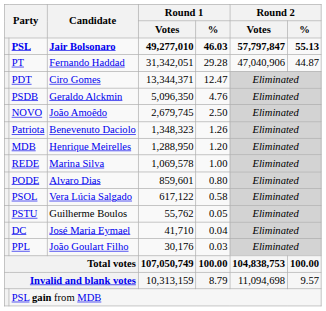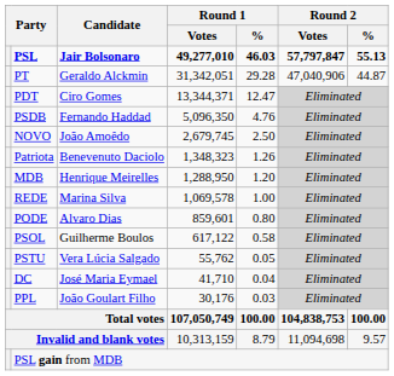 <table class="wikitable sortable" style="text-align:right">
 <tr>
 <th colspan=2 rowspan=2>Party</th>
 <th rowspan=2>Candidate</th>
 <th colspan=2>Round 1</th>
 <th colspan=2>Round 2</th>
 </tr>
 <tr>
 <th>Votes</th>
 <th>%</th>
 <th>Votes</th>
 <th>%</th>
 </tr>
 <tr>
 <th style="background-color:"></th>
 <td style="text-align:left"><strong><a href='#'>PSL</a></strong></td>
 <td style="text-align:left"><strong><a href='#'>Jair Bolsonaro</a></strong></td>
 <td><strong>49,277,010</strong></td>
 <td><strong>46.03</strong></td>
 <td><strong>57,797,847</strong></td>
 <td><strong>55.13</strong></td>
 </tr>
 <tr>
 <th style="background-color:"></th>
 <td style="text-align:left"><a href='#'>PT</a></td>
-<td style="text-align:left"><a href='#'>Fernando Haddad</a></td>
+<td style="text-align:left"><a href='#'>Geraldo Alckmin</a></td>
 <td>31,342,051</td>
 <td>29.28</td>
 <td>47,040,906</td>
 <td>44.87</td>
 </tr>
 <tr>
 <th style="background-color:"></th>
 <td style="text-align:left"><a href='#'>PDT</a></td>
 <td style="text-align:left"><a href='#'>Ciro Gomes</a></td>
 <td>13,344,371</td>
 <td>12.47</td>
 <td colspan="2"  style="background:lightgrey; text-align:center;"><em>Eliminated</em></td>
 </tr>
 <tr>
 <th style="background-color:"></th>
 <td style="text-align:left"><a href='#'>PSDB</a></td>
-<td style="text-align:left"><a href='#'>Geraldo Alckmin</a></td>
+<td style="text-align:left"><a href='#'>Fernando Haddad</a></td>
 <td>5,096,350</td>
 <td>4.76</td>
 <td colspan="2"  style="background:lightgrey; text-align:center;"><em>Eliminated</em></td>
 </tr>
 <tr>
 <th style="background-color:"></th>
 <td style="text-align:left"><a href='#'>NOVO</a></td>
 <td style="text-align:left"><a href='#'>João Amoêdo</a></td>
 <td>2,679,745</td>
 <td>2.50</td>
 <td colspan="2"  style="background:lightgrey; text-align:center;"><em>Eliminated</em></td>
 </tr>
 <tr>
 <th style="background-color:"></th>
 <td style="text-align:left"><a href='#'>Patriota</a></td>
 <td style="text-align:left"><a href='#'>Benevenuto Daciolo</a></td>
 <td>1,348,323</td>
 <td>1.26</td>
 <td colspan="2"  style="background:lightgrey; text-align:center;"><em>Eliminated</em></td>
 </tr>
 <tr>
 <th style="background-color:"></th>
 <td style="text-align:left"><a href='#'>MDB</a></td>
 <td style="text-align:left"><a href='#'>Henrique Meirelles</a></td>
 <td>1,288,950</td>
 <td>1.20</td>
 <td colspan="2"  style="background:lightgrey; text-align:center;"><em>Eliminated</em></td>
 </tr>
 <tr>
 <th style="background-color:"></th>
 <td style="text-align:left"><a href='#'>REDE</a></td>
 <td style="text-align:left"><a href='#'>Marina Silva</a></td>
 <td>1,069,578</td>
 <td>1.00</td>
 <td colspan="2"  style="background:lightgrey; text-align:center;"><em>Eliminated</em></td>
 </tr>
 <tr>
 <th style="background-color:"></th>
 <td style="text-align:left"><a href='#'>PODE</a></td>
 <td style="text-align:left"><a href='#'>Alvaro Dias</a></td>
 <td>859,601</td>
 <td>0.80</td>
 <td colspan="2"  style="background:lightgrey; text-align:center;"><em>Eliminated</em></td>
 </tr>
 <tr>
 <th style="background-color:"></th>
 <td style="text-align:left"><a href='#'>PSOL</a></td>
-<td style="text-align:left"><a href='#'>Vera Lúcia Salgado</a></td>
+<td style="text-align:left">Guilherme Boulos</td>
 <td>617,122</td>
 <td>0.58</td>
 <td colspan="2"  style="background:lightgrey; text-align:center;"><em>Eliminated</em></td>
 </tr>
 <tr>
 <th style="background-color:"></th>
 <td style="text-align:left"><a href='#'>PSTU</a></td>
-<td style="text-align:left">Guilherme Boulos</td>
+<td style="text-align:left"><a href='#'>Vera Lúcia Salgado</a></td>
 <td>55,762</td>
 <td>0.05</td>
 <td colspan="2"  style="background:lightgrey; text-align:center;"><em>Eliminated</em></td>
 </tr>
 <tr>
 <th style="background-color:"></th>
 <td style="text-align:left"><a href='#'>DC</a></td>
 <td style="text-align:left"><a href='#'>José Maria Eymael</a></td>
 <td>41,710</td>
 <td>0.04</td>
 <td colspan="2"  style="background:lightgrey; text-align:center;"><em>Eliminated</em></td>
 </tr>
 <tr>
 <th style="background-color:"></th>
 <td style="text-align:left"><a href='#'>PPL</a></td>
 <td style="text-align:left"><a href='#'>João Goulart Filho</a></td>
 <td>30,176</td>
 <td>0.03</td>
 <td colspan="2"  style="background:lightgrey; text-align:center;"><em>Eliminated</em></td>
 </tr>
 <tr class="sortbottom" style="background:#f6f6f6;">
 <th colspan=3 scope="row" style="text-align:right;">Total votes</th>
 <td><strong>107,050,749</strong></td>
 <td><strong>100.00</strong></td>
 <td><strong>104,838,753</strong></td>
 <td><strong>100.00</strong></td>
 </tr>
 <tr class="sortbottom" style="background:#f6f6f6;">
 <th colspan=3 scope="row" style="text-align:right;"><a href='#'>Invalid and blank votes</a></th>
 <td>10,313,159</td>
 <td>8.79</td>
 <td>11,094,698</td>
 <td>9.57</td>
 </tr>
 <tr class="sortbottom" style="background:#f6f6f6;">
 <th style="background-color:"></th>
 <td style="text-align:left" colspan=6><a href='#'>PSL</a> <strong>gain</strong> from <a href='#'>MDB</a></td>
 </tr>
 </table>
